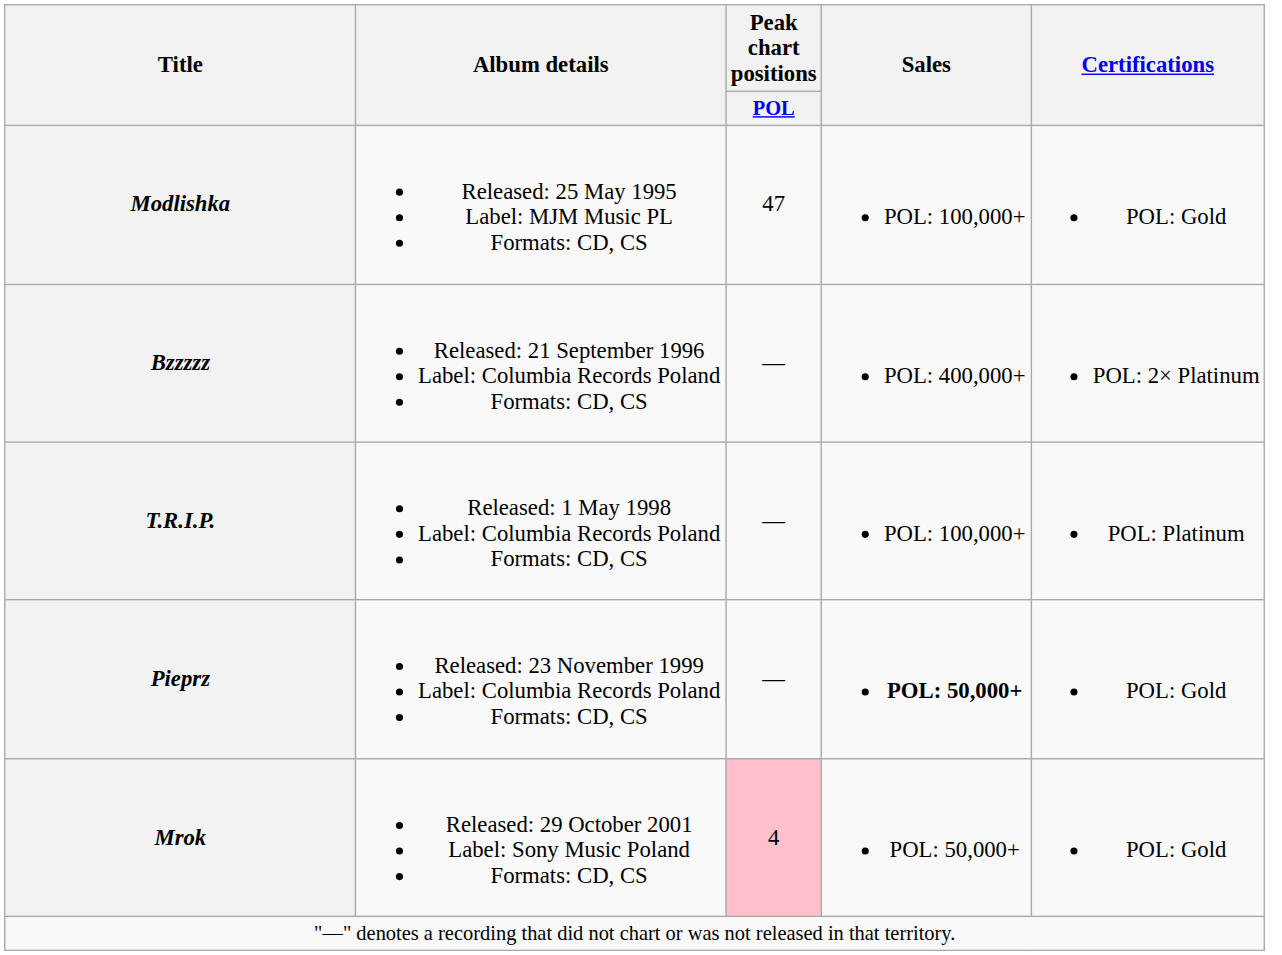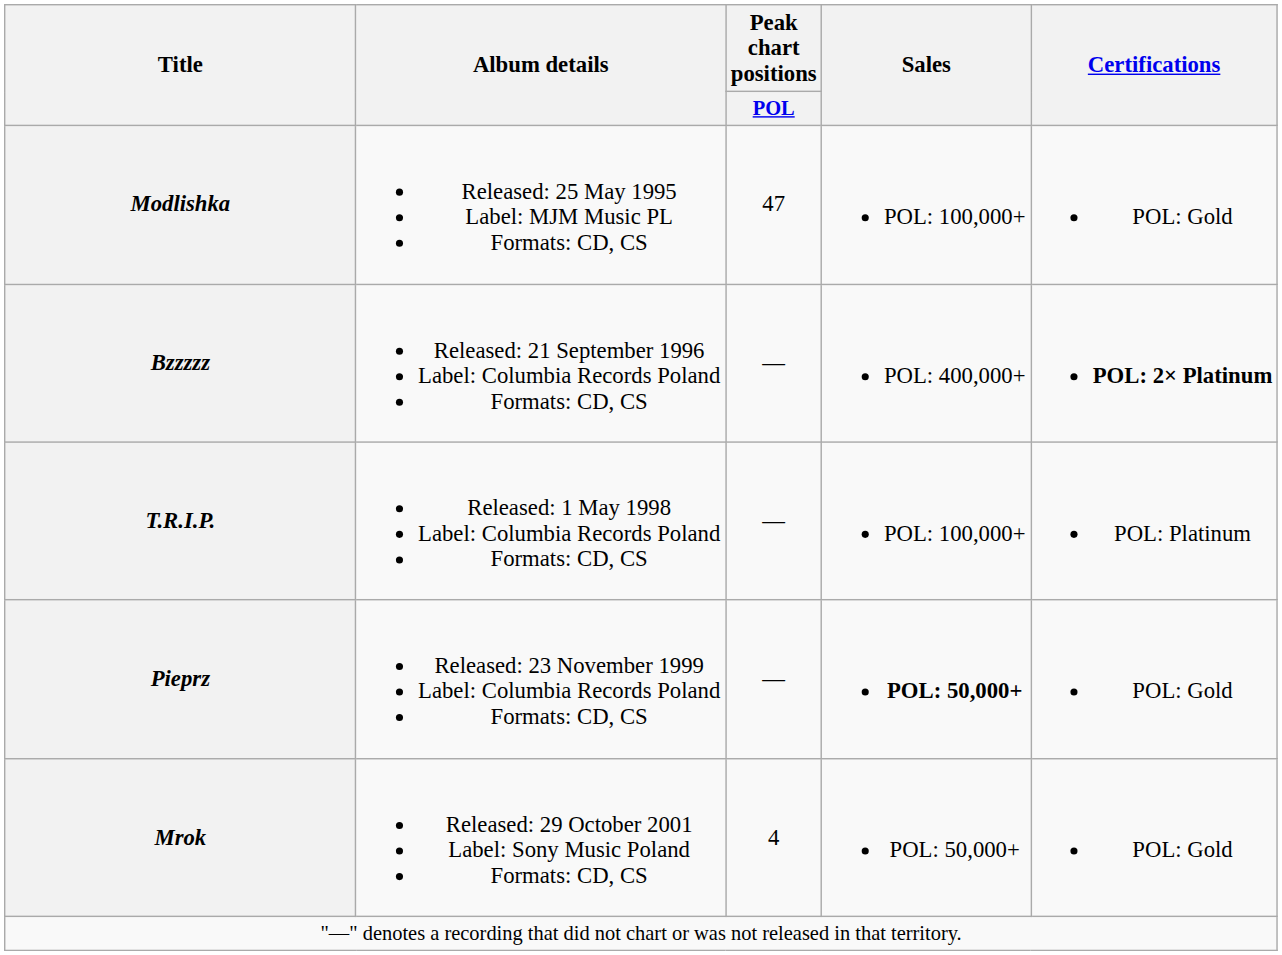 <table class="wikitable plainrowheaders" style="text-align:center;">
 <tr>
 <th scope="col" rowspan="2" style="width:15em;">Title</th>
 <th scope="col" rowspan="2">Album details</th>
 <th scope="col" colspan="1">Peak chart positions</th>
 <th scope="col" rowspan="2">Sales</th>
 <th scope="col" rowspan="2"><a href='#'>Certifications</a></th>
 </tr>
 <tr>
 <th scope="col" style="width:3em;font-size:90%;"><a href='#'>POL</a><br></th>
 </tr>
 <tr>
 <th scope="row"><em>Modlishka</em></th>
 <td><br><ul><li>Released: 25 May 1995</li><li>Label: MJM Music PL</li><li>Formats: CD, CS</li></ul></td>
 <td>47</td>
 <td><br><ul><li>POL: 100,000+</li></ul></td>
 <td><br><ul><li>POL: Gold</li></ul></td>
 </tr>
 <tr>
 <th scope="row"><em>Bzzzzz</em></th>
 <td><br><ul><li>Released: 21 September 1996</li><li>Label: Columbia Records Poland</li><li>Formats: CD, CS</li></ul></td>
 <td>—</td>
 <td><br><ul><li>POL: 400,000+</li></ul></td>
-<td><br><ul><li>POL: 2× Platinum</li></ul></td>
+<td><strong><br><ul><li>POL: 2× Platinum</li></ul></strong></td>
 </tr>
 <tr>
 <th scope="row"><em>T.R.I.P.</em></th>
 <td><br><ul><li>Released: 1 May 1998</li><li>Label: Columbia Records Poland</li><li>Formats: CD, CS</li></ul></td>
 <td>—</td>
 <td><br><ul><li>POL: 100,000+</li></ul></td>
 <td><br><ul><li>POL: Platinum</li></ul></td>
 </tr>
 <tr>
 <th scope="row"><em>Pieprz</em></th>
 <td><br><ul><li>Released: 23 November 1999</li><li>Label: Columbia Records Poland</li><li>Formats: CD, CS</li></ul></td>
 <td>—</td>
 <td><strong><br><ul><li>POL: 50,000+</li></ul></strong></td>
 <td><br><ul><li>POL: Gold</li></ul></td>
 </tr>
 <tr>
 <th scope="row"><em>Mrok</em></th>
 <td><br><ul><li>Released: 29 October 2001</li><li>Label: Sony Music Poland</li><li>Formats: CD, CS</li></ul></td>
-<td style="background: pink;">4</td>
+<td>4</td>
 <td><br><ul><li>POL: 50,000+</li></ul></td>
 <td><br><ul><li>POL: Gold</li></ul></td>
 </tr>
 <tr>
 <td colspan="20" style="font-size:90%">"—" denotes a recording that did not chart or was not released in that territory.</td>
 </tr>
 </table>
